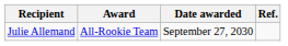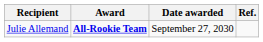 <table class="wikitable sortable sortable" style="text-align: center">
 <tr>
 <th>Recipient</th>
 <th>Award</th>
 <th>Date awarded</th>
 <th>Ref.</th>
 </tr>
 <tr>
 <td><a href='#'>Julie Allemand</a></td>
-<td><a href='#'>All-Rookie Team</a></td>
+<td><strong><a href='#'>All-Rookie Team</a></strong></td>
 <td>September 27, 2030</td>
 <td></td>
 </tr>
 </table>
